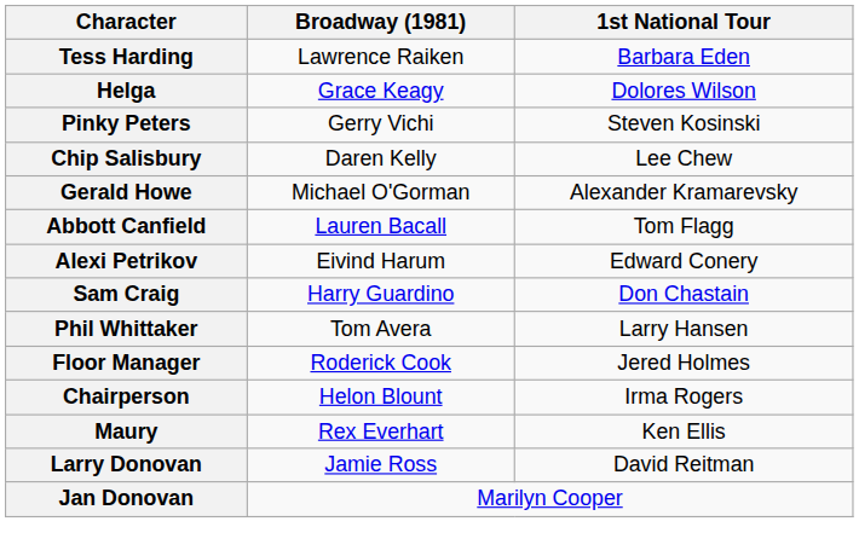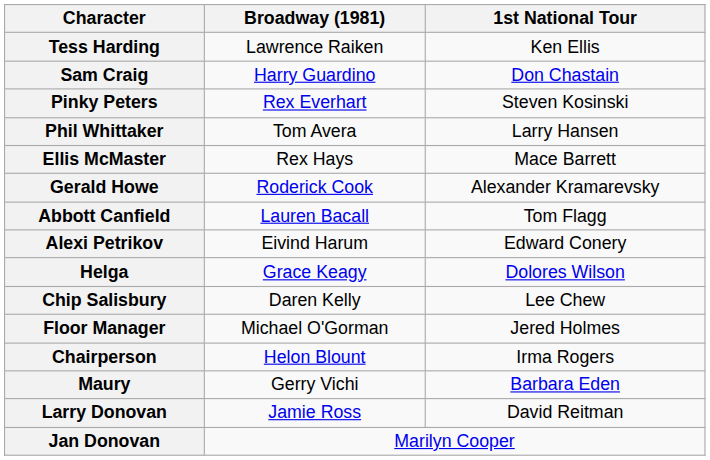 <table class="wikitable" style="width:50%; text-align:center">
 <tr>
 <th scope="col">Character</th>
 <th>Broadway (1981)</th>
 <th>1st National Tour</th>
 </tr>
 <tr>
 <th>Tess Harding</th>
 <td colspan="1">Lawrence Raiken</td>
-<td colspan="1"><a href='#'>Barbara Eden</a></td>
+<td colspan="1">Ken Ellis</td>
 </tr>
 <tr>
-<th>Helga</th>
-<td colspan="1"><a href='#'>Grace Keagy</a></td>
-<td colspan="1"><a href='#'>Dolores Wilson</a></td>
+<th>Sam Craig</th>
+<td colspan="1”"><a href='#'>Harry Guardino</a></td>
+<td colspan="1”"><a href='#'>Don Chastain</a></td>
 </tr>
 <tr>
 <th>Pinky Peters</th>
-<td colspan="1”">Gerry Vichi</td>
+<td colspan="1"><a href='#'>Rex Everhart</a></td>
 <td colspan="1”">Steven Kosinski</td>
 </tr>
 <tr>
-<th>Chip Salisbury</th>
-<td colspan="1">Daren Kelly</td>
-<td colspan="1">Lee Chew</td>
+<th>Phil Whittaker</th>
+<td colspan="1">Tom Avera</td>
+<td colspan="1">Larry Hansen</td>
+</tr>
+<tr>
+<th>Ellis McMaster</th>
+<td colspan="1">Rex Hays</td>
+<td colspan="1">Mace Barrett</td>
 </tr>
 <tr>
 <th>Gerald Howe</th>
-<td colspan="1">Michael O'Gorman</td>
+<td colspan="1"><a href='#'>Roderick Cook</a></td>
 <td colspan="1">Alexander Kramarevsky</td>
 </tr>
 <tr>
 <th>Abbott Canfield</th>
 <td colspan="1"><a href='#'>Lauren Bacall</a></td>
 <td colspan="1">Tom Flagg</td>
 </tr>
 <tr>
 <th>Alexi Petrikov</th>
 <td colspan="1">Eivind Harum</td>
 <td colspan="1">Edward Conery</td>
 </tr>
 <tr>
-<th>Sam Craig</th>
-<td colspan="1”"><a href='#'>Harry Guardino</a></td>
-<td colspan="1”"><a href='#'>Don Chastain</a></td>
+<th>Helga</th>
+<td colspan="1"><a href='#'>Grace Keagy</a></td>
+<td colspan="1"><a href='#'>Dolores Wilson</a></td>
 </tr>
 <tr>
-<th>Phil Whittaker</th>
-<td colspan="1">Tom Avera</td>
-<td colspan="1">Larry Hansen</td>
+<th>Chip Salisbury</th>
+<td colspan="1">Daren Kelly</td>
+<td colspan="1">Lee Chew</td>
 </tr>
 <tr>
 <th>Floor Manager</th>
-<td colspan="1"><a href='#'>Roderick Cook</a></td>
+<td colspan="1">Michael O'Gorman</td>
 <td colspan="1">Jered Holmes</td>
 </tr>
 <tr>
 <th>Chairperson</th>
 <td colspan="1"><a href='#'>Helon Blount</a></td>
 <td colspan="1">Irma Rogers</td>
 </tr>
 <tr>
 <th>Maury</th>
-<td colspan="1"><a href='#'>Rex Everhart</a></td>
-<td colspan="1">Ken Ellis</td>
+<td colspan="1”">Gerry Vichi</td>
+<td colspan="1"><a href='#'>Barbara Eden</a></td>
 </tr>
 <tr>
 <th>Larry Donovan</th>
 <td colspan="1"><a href='#'>Jamie Ross</a></td>
 <td colspan="1">David Reitman</td>
 </tr>
 <tr>
 <th>Jan Donovan</th>
 <td colspan="2"><a href='#'>Marilyn Cooper</a></td>
 </tr>
 </table>
